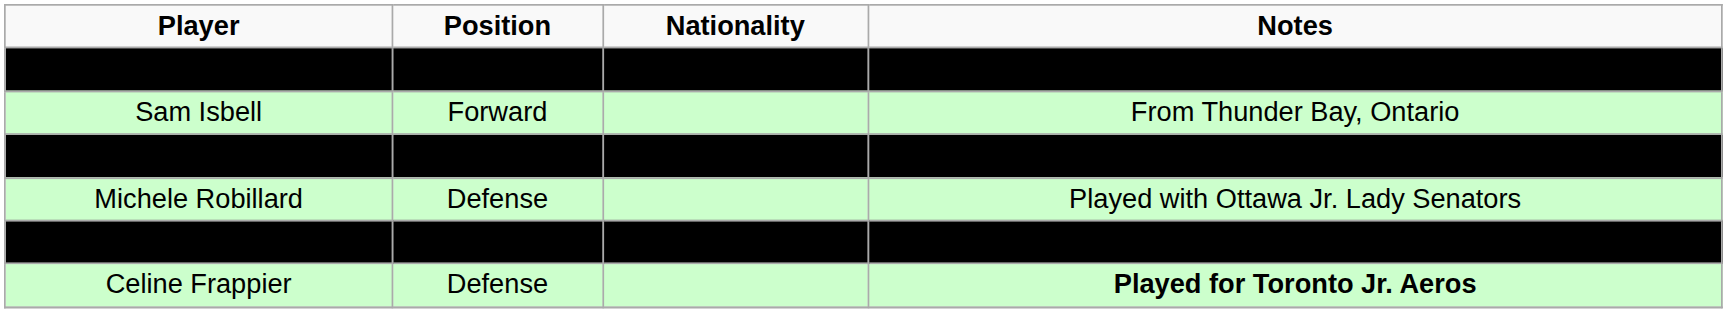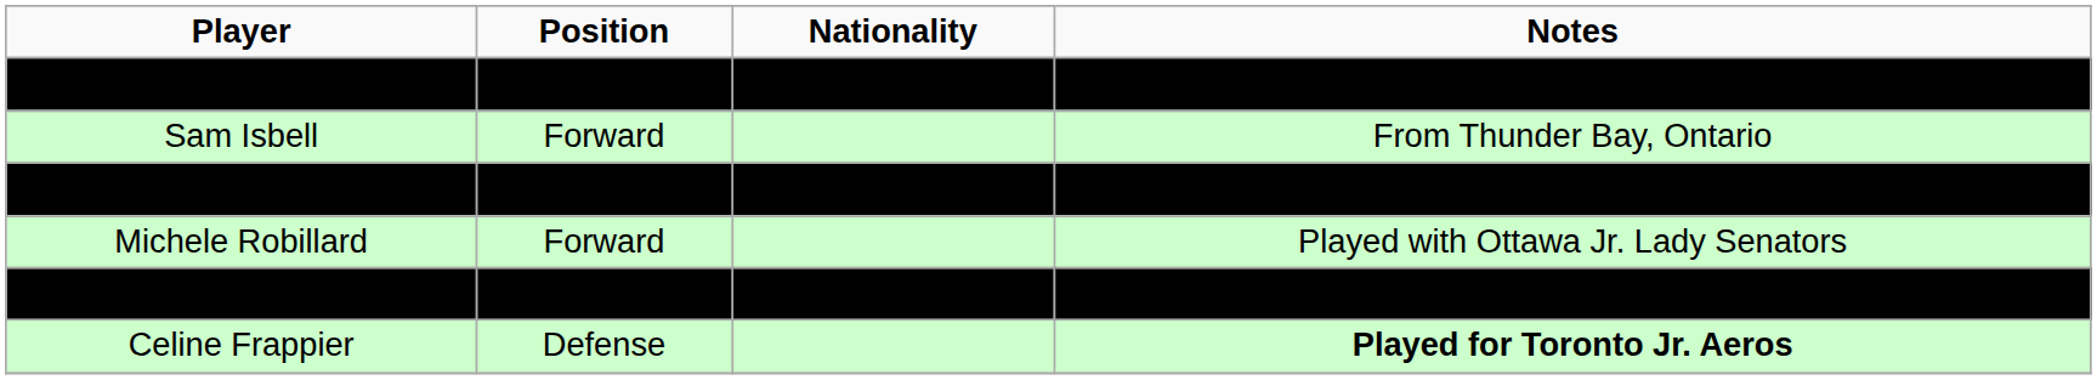 <table class="wikitable" width="80%">
 <tr align="center">
 <td><strong>Player</strong></td>
 <td><strong>Position</strong></td>
 <td><strong>Nationality</strong></td>
 <td><strong>Notes</strong></td>
 </tr>
 <tr align="center" bgcolor=" ">
 <td>Maggie Knott</td>
 <td>Defense</td>
 <td></td>
 <td>Played on Nichols School squad</td>
 </tr>
 <tr align="center" bgcolor="#ccffcc">
 <td>Sam Isbell</td>
 <td>Forward</td>
 <td></td>
 <td>From Thunder Bay, Ontario</td>
 </tr>
 <tr align="center" bgcolor=" ">
+<td>Claire Werynski</td>
+<td>Defense</td>
+<td></td>
+<td>Attended Gilmour Academy</td>
+</tr>
+<tr align="center" bgcolor="#ccffcc">
+<td>Michele Robillard</td>
+<td>Forward</td>
+<td></td>
+<td>Played with Ottawa Jr. Lady Senators</td>
+</tr>
+<tr align="center" bgcolor=" ">
 <td>Nicole Guagliardi</td>
 <td>Forward</td>
 <td></td>
 <td>Played with Barrington (IL) High School</td>
-</tr>
-<tr align="center" bgcolor="#ccffcc">
-<td>Michele Robillard</td>
-<td>Defense</td>
-<td></td>
-<td>Played with Ottawa Jr. Lady Senators</td>
-</tr>
-<tr align="center" bgcolor=" ">
-<td>Claire Werynski</td>
-<td>Defense</td>
-<td></td>
-<td>Attended Gilmour Academy</td>
 </tr>
 <tr align="center" bgcolor="#ccffcc">
 <td>Celine Frappier</td>
 <td>Defense</td>
 <td></td>
 <td><strong>Played for Toronto Jr. Aeros</strong></td>
 </tr>
 <tr align="center" bgcolor=" ">
 </tr>
 </table>
